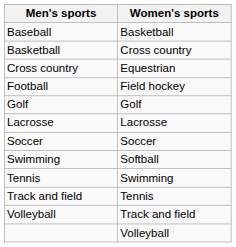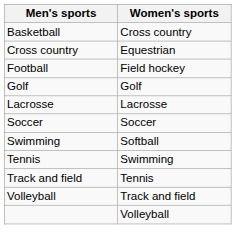 <table class="wikitable"; style=" ">
 <tr>
 <th width=150px>Men's sports</th>
 <th width=150px>Women's sports</th>
-</tr>
-<tr>
-<td>Baseball</td>
-<td>Basketball</td>
 </tr>
 <tr>
 <td>Basketball</td>
 <td>Cross country</td>
 </tr>
 <tr>
 <td>Cross country</td>
 <td>Equestrian</td>
 </tr>
 <tr>
 <td>Football</td>
 <td>Field hockey</td>
 </tr>
 <tr>
 <td>Golf</td>
 <td>Golf</td>
 </tr>
 <tr>
 <td>Lacrosse</td>
 <td>Lacrosse</td>
 </tr>
 <tr>
 <td>Soccer</td>
 <td>Soccer</td>
 </tr>
 <tr>
 <td>Swimming</td>
 <td>Softball</td>
 </tr>
 <tr>
 <td>Tennis</td>
 <td>Swimming</td>
 </tr>
 <tr>
 <td>Track and field</td>
 <td>Tennis</td>
 </tr>
 <tr>
 <td>Volleyball</td>
 <td>Track and field</td>
 </tr>
 <tr>
 <td></td>
 <td>Volleyball</td>
 </tr>
 </table>
